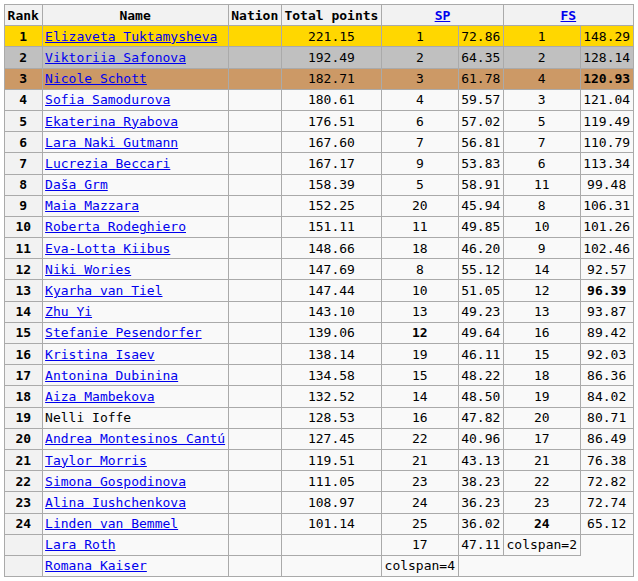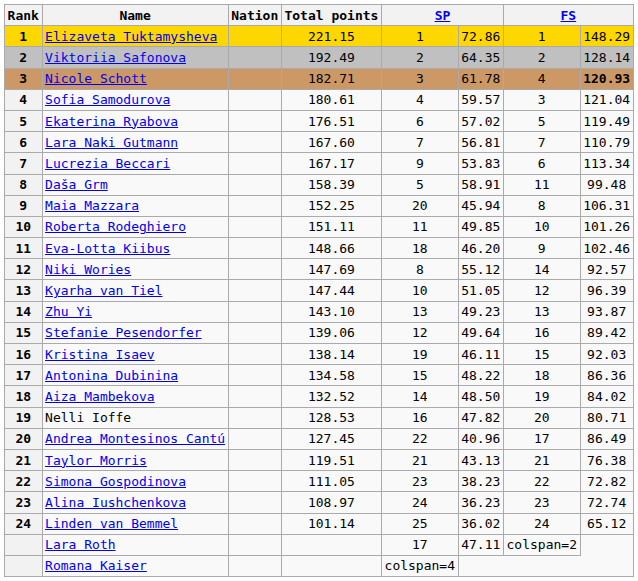 <table class="wikitable sortable">
 <tr>
 <th>Rank</th>
 <th>Name</th>
 <th>Nation</th>
 <th>Total points</th>
 <th colspan="2" width="80px"><a href='#'>SP</a></th>
 <th colspan="2" width="80px"><a href='#'>FS</a></th>
 </tr>
 <tr bgcolor="gold">
 <td align="center"><strong>1</strong></td>
 <td><a href='#'>Elizaveta Tuktamysheva</a></td>
 <td></td>
 <td align="center">221.15</td>
 <td align="center">1</td>
 <td align="center">72.86</td>
 <td align="center">1</td>
 <td align="center">148.29</td>
 </tr>
 <tr bgcolor="silver">
 <td align="center"><strong>2</strong></td>
 <td><a href='#'>Viktoriia Safonova</a></td>
 <td></td>
 <td align="center">192.49</td>
 <td align="center">2</td>
 <td align="center">64.35</td>
 <td align="center">2</td>
 <td align="center">128.14</td>
 </tr>
 <tr bgcolor="cc9966">
 <td align="center"><strong>3</strong></td>
 <td><a href='#'>Nicole Schott</a></td>
 <td></td>
 <td align="center">182.71</td>
 <td align="center">3</td>
 <td align="center">61.78</td>
 <td align="center">4</td>
 <td align="center"><strong>120.93</strong></td>
 </tr>
 <tr>
 <th>4</th>
 <td><a href='#'>Sofia Samodurova</a></td>
 <td></td>
 <td align="center">180.61</td>
 <td align="center">4</td>
 <td align="center">59.57</td>
 <td align="center">3</td>
 <td align="center">121.04</td>
 </tr>
 <tr>
 <th>5</th>
 <td><a href='#'>Ekaterina Ryabova</a></td>
 <td></td>
 <td align="center">176.51</td>
 <td align="center">6</td>
 <td align="center">57.02</td>
 <td align="center">5</td>
 <td align="center">119.49</td>
 </tr>
 <tr>
 <th>6</th>
 <td><a href='#'>Lara Naki Gutmann</a></td>
 <td></td>
 <td align="center">167.60</td>
 <td align="center">7</td>
 <td align="center">56.81</td>
 <td align="center">7</td>
 <td align="center">110.79</td>
 </tr>
 <tr>
 <th>7</th>
 <td><a href='#'>Lucrezia Beccari</a></td>
 <td></td>
 <td align="center">167.17</td>
 <td align="center">9</td>
 <td align="center">53.83</td>
 <td align="center">6</td>
 <td align="center">113.34</td>
 </tr>
 <tr>
 <th>8</th>
 <td><a href='#'>Daša Grm</a></td>
 <td></td>
 <td align="center">158.39</td>
 <td align="center">5</td>
 <td align="center">58.91</td>
 <td align="center">11</td>
 <td align="center">99.48</td>
 </tr>
 <tr>
 <th>9</th>
 <td><a href='#'>Maia Mazzara</a></td>
 <td></td>
 <td align="center">152.25</td>
 <td align="center">20</td>
 <td align="center">45.94</td>
 <td align="center">8</td>
 <td align="center">106.31</td>
 </tr>
 <tr>
 <th>10</th>
 <td><a href='#'>Roberta Rodeghiero</a></td>
 <td></td>
 <td align="center">151.11</td>
 <td align="center">11</td>
 <td align="center">49.85</td>
 <td align="center">10</td>
 <td align="center">101.26</td>
 </tr>
 <tr>
 <th>11</th>
 <td><a href='#'>Eva-Lotta Kiibus</a></td>
 <td></td>
 <td align="center">148.66</td>
 <td align="center">18</td>
 <td align="center">46.20</td>
 <td align="center">9</td>
 <td align="center">102.46</td>
 </tr>
 <tr>
 <th>12</th>
 <td><a href='#'>Niki Wories</a></td>
 <td></td>
 <td align="center">147.69</td>
 <td align="center">8</td>
 <td align="center">55.12</td>
 <td align="center">14</td>
 <td align="center">92.57</td>
 </tr>
 <tr>
 <th>13</th>
 <td><a href='#'>Kyarha van Tiel</a></td>
 <td></td>
 <td align="center">147.44</td>
 <td align="center">10</td>
 <td align="center">51.05</td>
 <td align="center">12</td>
-<td align="center"><strong>96.39</strong></td>
+<td align="center">96.39</td>
 </tr>
 <tr>
 <th>14</th>
 <td><a href='#'>Zhu Yi</a></td>
 <td></td>
 <td align="center">143.10</td>
 <td align="center">13</td>
 <td align="center">49.23</td>
 <td align="center">13</td>
 <td align="center">93.87</td>
 </tr>
 <tr>
 <th>15</th>
 <td><a href='#'>Stefanie Pesendorfer</a></td>
 <td></td>
 <td align="center">139.06</td>
-<td align="center"><strong>12</strong></td>
+<td align="center">12</td>
 <td align="center">49.64</td>
 <td align="center">16</td>
 <td align="center">89.42</td>
 </tr>
 <tr>
 <th>16</th>
 <td><a href='#'>Kristina Isaev</a></td>
 <td></td>
 <td align="center">138.14</td>
 <td align="center">19</td>
 <td align="center">46.11</td>
 <td align="center">15</td>
 <td align="center">92.03</td>
 </tr>
 <tr>
 <th>17</th>
 <td><a href='#'>Antonina Dubinina</a></td>
 <td></td>
 <td align="center">134.58</td>
 <td align="center">15</td>
 <td align="center">48.22</td>
 <td align="center">18</td>
 <td align="center">86.36</td>
 </tr>
 <tr>
 <th>18</th>
 <td><a href='#'>Aiza Mambekova</a></td>
 <td></td>
 <td align="center">132.52</td>
 <td align="center">14</td>
 <td align="center">48.50</td>
 <td align="center">19</td>
 <td align="center">84.02</td>
 </tr>
 <tr>
 <th>19</th>
 <td>Nelli Ioffe</td>
 <td></td>
 <td align="center">128.53</td>
 <td align="center">16</td>
 <td align="center">47.82</td>
 <td align="center">20</td>
 <td align="center">80.71</td>
 </tr>
 <tr>
 <th>20</th>
 <td><a href='#'>Andrea Montesinos Cantú</a></td>
 <td></td>
 <td align="center">127.45</td>
 <td align="center">22</td>
 <td align="center">40.96</td>
 <td align="center">17</td>
 <td align="center">86.49</td>
 </tr>
 <tr>
 <th>21</th>
 <td><a href='#'>Taylor Morris</a></td>
 <td></td>
 <td align="center">119.51</td>
 <td align="center">21</td>
 <td align="center">43.13</td>
 <td align="center">21</td>
 <td align="center">76.38</td>
 </tr>
 <tr>
 <th>22</th>
 <td><a href='#'>Simona Gospodinova</a></td>
 <td></td>
 <td align="center">111.05</td>
 <td align="center">23</td>
 <td align="center">38.23</td>
 <td align="center">22</td>
 <td align="center">72.82</td>
 </tr>
 <tr>
 <th>23</th>
 <td><a href='#'>Alina Iushchenkova</a></td>
 <td></td>
 <td align="center">108.97</td>
 <td align="center">24</td>
 <td align="center">36.23</td>
 <td align="center">23</td>
 <td align="center">72.74</td>
 </tr>
 <tr>
 <th>24</th>
 <td><a href='#'>Linden van Bemmel</a></td>
 <td></td>
 <td align="center">101.14</td>
 <td align="center">25</td>
 <td align="center">36.02</td>
-<td align="center"><strong>24</strong></td>
+<td align="center">24</td>
 <td align="center">65.12</td>
 </tr>
 <tr>
 <th></th>
 <td><a href='#'>Lara Roth</a></td>
 <td></td>
 <td></td>
 <td align="center">17</td>
 <td align="center">47.11</td>
 <td>colspan=2 </td>
 </tr>
 <tr>
 <th></th>
 <td><a href='#'>Romana Kaiser</a></td>
 <td></td>
 <td></td>
 <td>colspan=4 </td>
 </tr>
 </table>
